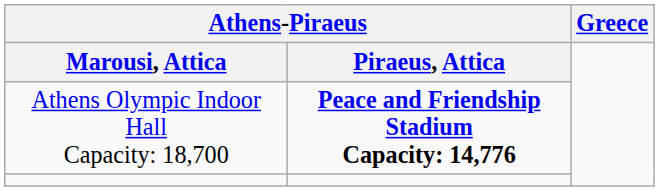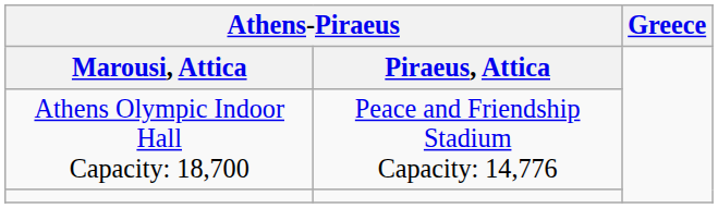 <table class="wikitable" style="text-align:center;">
 <tr>
 <th colspan=2><a href='#'>Athens</a>-<a href='#'>Piraeus</a></th>
 <th><a href='#'>Greece</a></th>
 </tr>
 <tr>
 <th width=180><a href='#'>Marousi</a>, <a href='#'>Attica</a></th>
 <th width=180><a href='#'>Piraeus</a>, <a href='#'>Attica</a></th>
 <td rowspan=3></td>
 </tr>
 <tr>
 <td><a href='#'>Athens Olympic Indoor Hall</a><br>Capacity: 18,700</td>
-<td><strong><a href='#'>Peace and Friendship Stadium</a><br>Capacity: 14,776</strong></td>
+<td><a href='#'>Peace and Friendship Stadium</a><br>Capacity: 14,776</td>
 </tr>
 <tr>
 <td></td>
 <td></td>
 </tr>
 </table>
